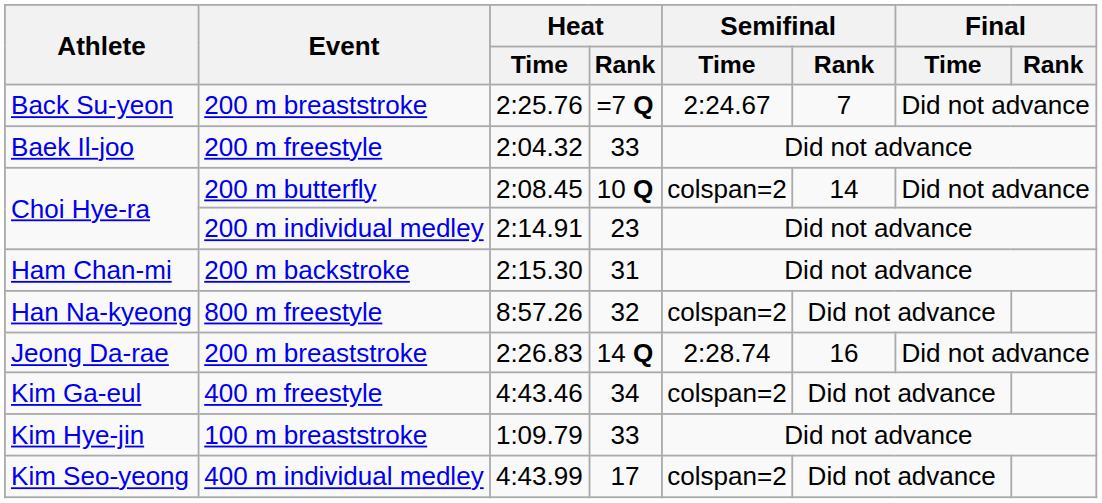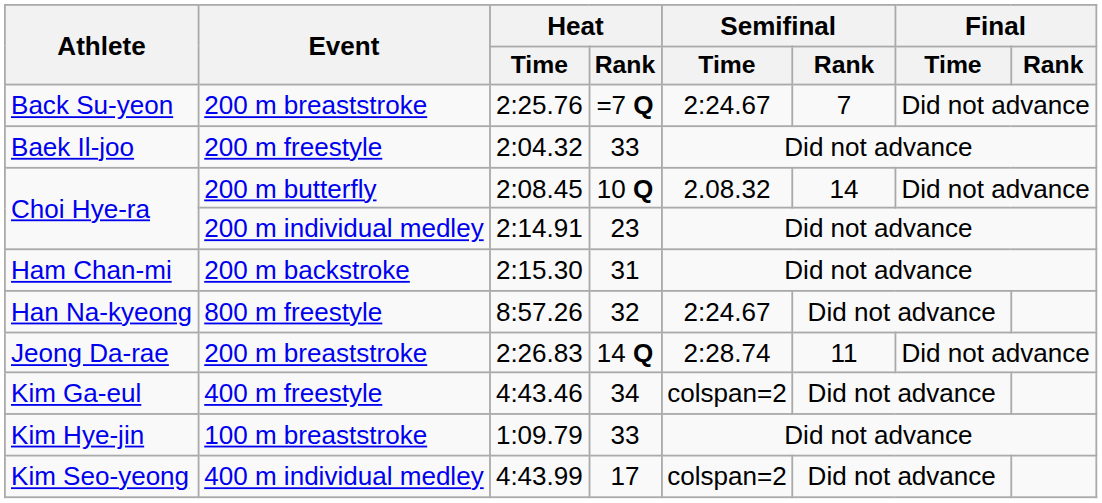 <table class=wikitable style="font-size:90%">
 <tr>
 <th rowspan=2>Athlete</th>
 <th rowspan=2>Event</th>
 <th colspan="2">Heat</th>
 <th colspan="2">Semifinal</th>
 <th colspan="2">Final</th>
 </tr>
 <tr style="font-size:95%">
 <th>Time</th>
 <th>Rank</th>
 <th>Time</th>
 <th>Rank</th>
 <th>Time</th>
 <th>Rank</th>
 </tr>
 <tr align=center>
 <td align=left><a href='#'>Back Su-yeon</a></td>
 <td align=left><a href='#'>200 m breaststroke</a></td>
 <td>2:25.76</td>
 <td>=7 <strong>Q</strong></td>
 <td>2:24.67</td>
 <td>7</td>
 <td colspan=2>Did not advance</td>
 </tr>
 <tr align=center>
 <td align=left><a href='#'>Baek Il-joo</a></td>
 <td align=left><a href='#'>200 m freestyle</a></td>
 <td>2:04.32</td>
 <td>33</td>
 <td colspan=4>Did not advance</td>
 </tr>
 <tr align=center>
 <td align=left rowspan=2><a href='#'>Choi Hye-ra</a></td>
 <td align=left><a href='#'>200 m butterfly</a></td>
 <td>2:08.45</td>
 <td>10 <strong>Q</strong></td>
-<td>colspan=2 </td>
+<td>2.08.32</td>
 <td>14</td>
 <td colspan=2>Did not advance</td>
 </tr>
 <tr align=center>
 <td align=left><a href='#'>200 m individual medley</a></td>
 <td>2:14.91</td>
 <td>23</td>
 <td colspan=4>Did not advance</td>
 </tr>
 <tr align=center>
 <td align=left><a href='#'>Ham Chan-mi</a></td>
 <td align=left><a href='#'>200 m backstroke</a></td>
 <td>2:15.30</td>
 <td>31</td>
 <td colspan=4>Did not advance</td>
 </tr>
 <tr align=center>
 <td align=left><a href='#'>Han Na-kyeong</a></td>
 <td align=left><a href='#'>800 m freestyle</a></td>
 <td>8:57.26</td>
 <td>32</td>
-<td>colspan=2 </td>
+<td>2:24.67</td>
 <td colspan=2>Did not advance</td>
 </tr>
 <tr align=center>
 <td align=left><a href='#'>Jeong Da-rae</a></td>
 <td align=left><a href='#'>200 m breaststroke</a></td>
 <td>2:26.83</td>
 <td>14 <strong>Q</strong></td>
 <td>2:28.74</td>
-<td>16</td>
+<td>11</td>
 <td colspan=2>Did not advance</td>
 </tr>
 <tr align=center>
 <td align=left><a href='#'>Kim Ga-eul</a></td>
 <td align=left><a href='#'>400 m freestyle</a></td>
 <td>4:43.46</td>
 <td>34</td>
 <td>colspan=2 </td>
 <td colspan=2>Did not advance</td>
 </tr>
 <tr align=center>
 <td align=left><a href='#'>Kim Hye-jin</a></td>
 <td align=left><a href='#'>100 m breaststroke</a></td>
 <td>1:09.79</td>
 <td>33</td>
 <td colspan=4>Did not advance</td>
 </tr>
 <tr align=center>
 <td align=left><a href='#'>Kim Seo-yeong</a></td>
 <td align=left><a href='#'>400 m individual medley</a></td>
 <td>4:43.99</td>
 <td>17</td>
 <td>colspan=2 </td>
 <td colspan=2>Did not advance</td>
 </tr>
 </table>
